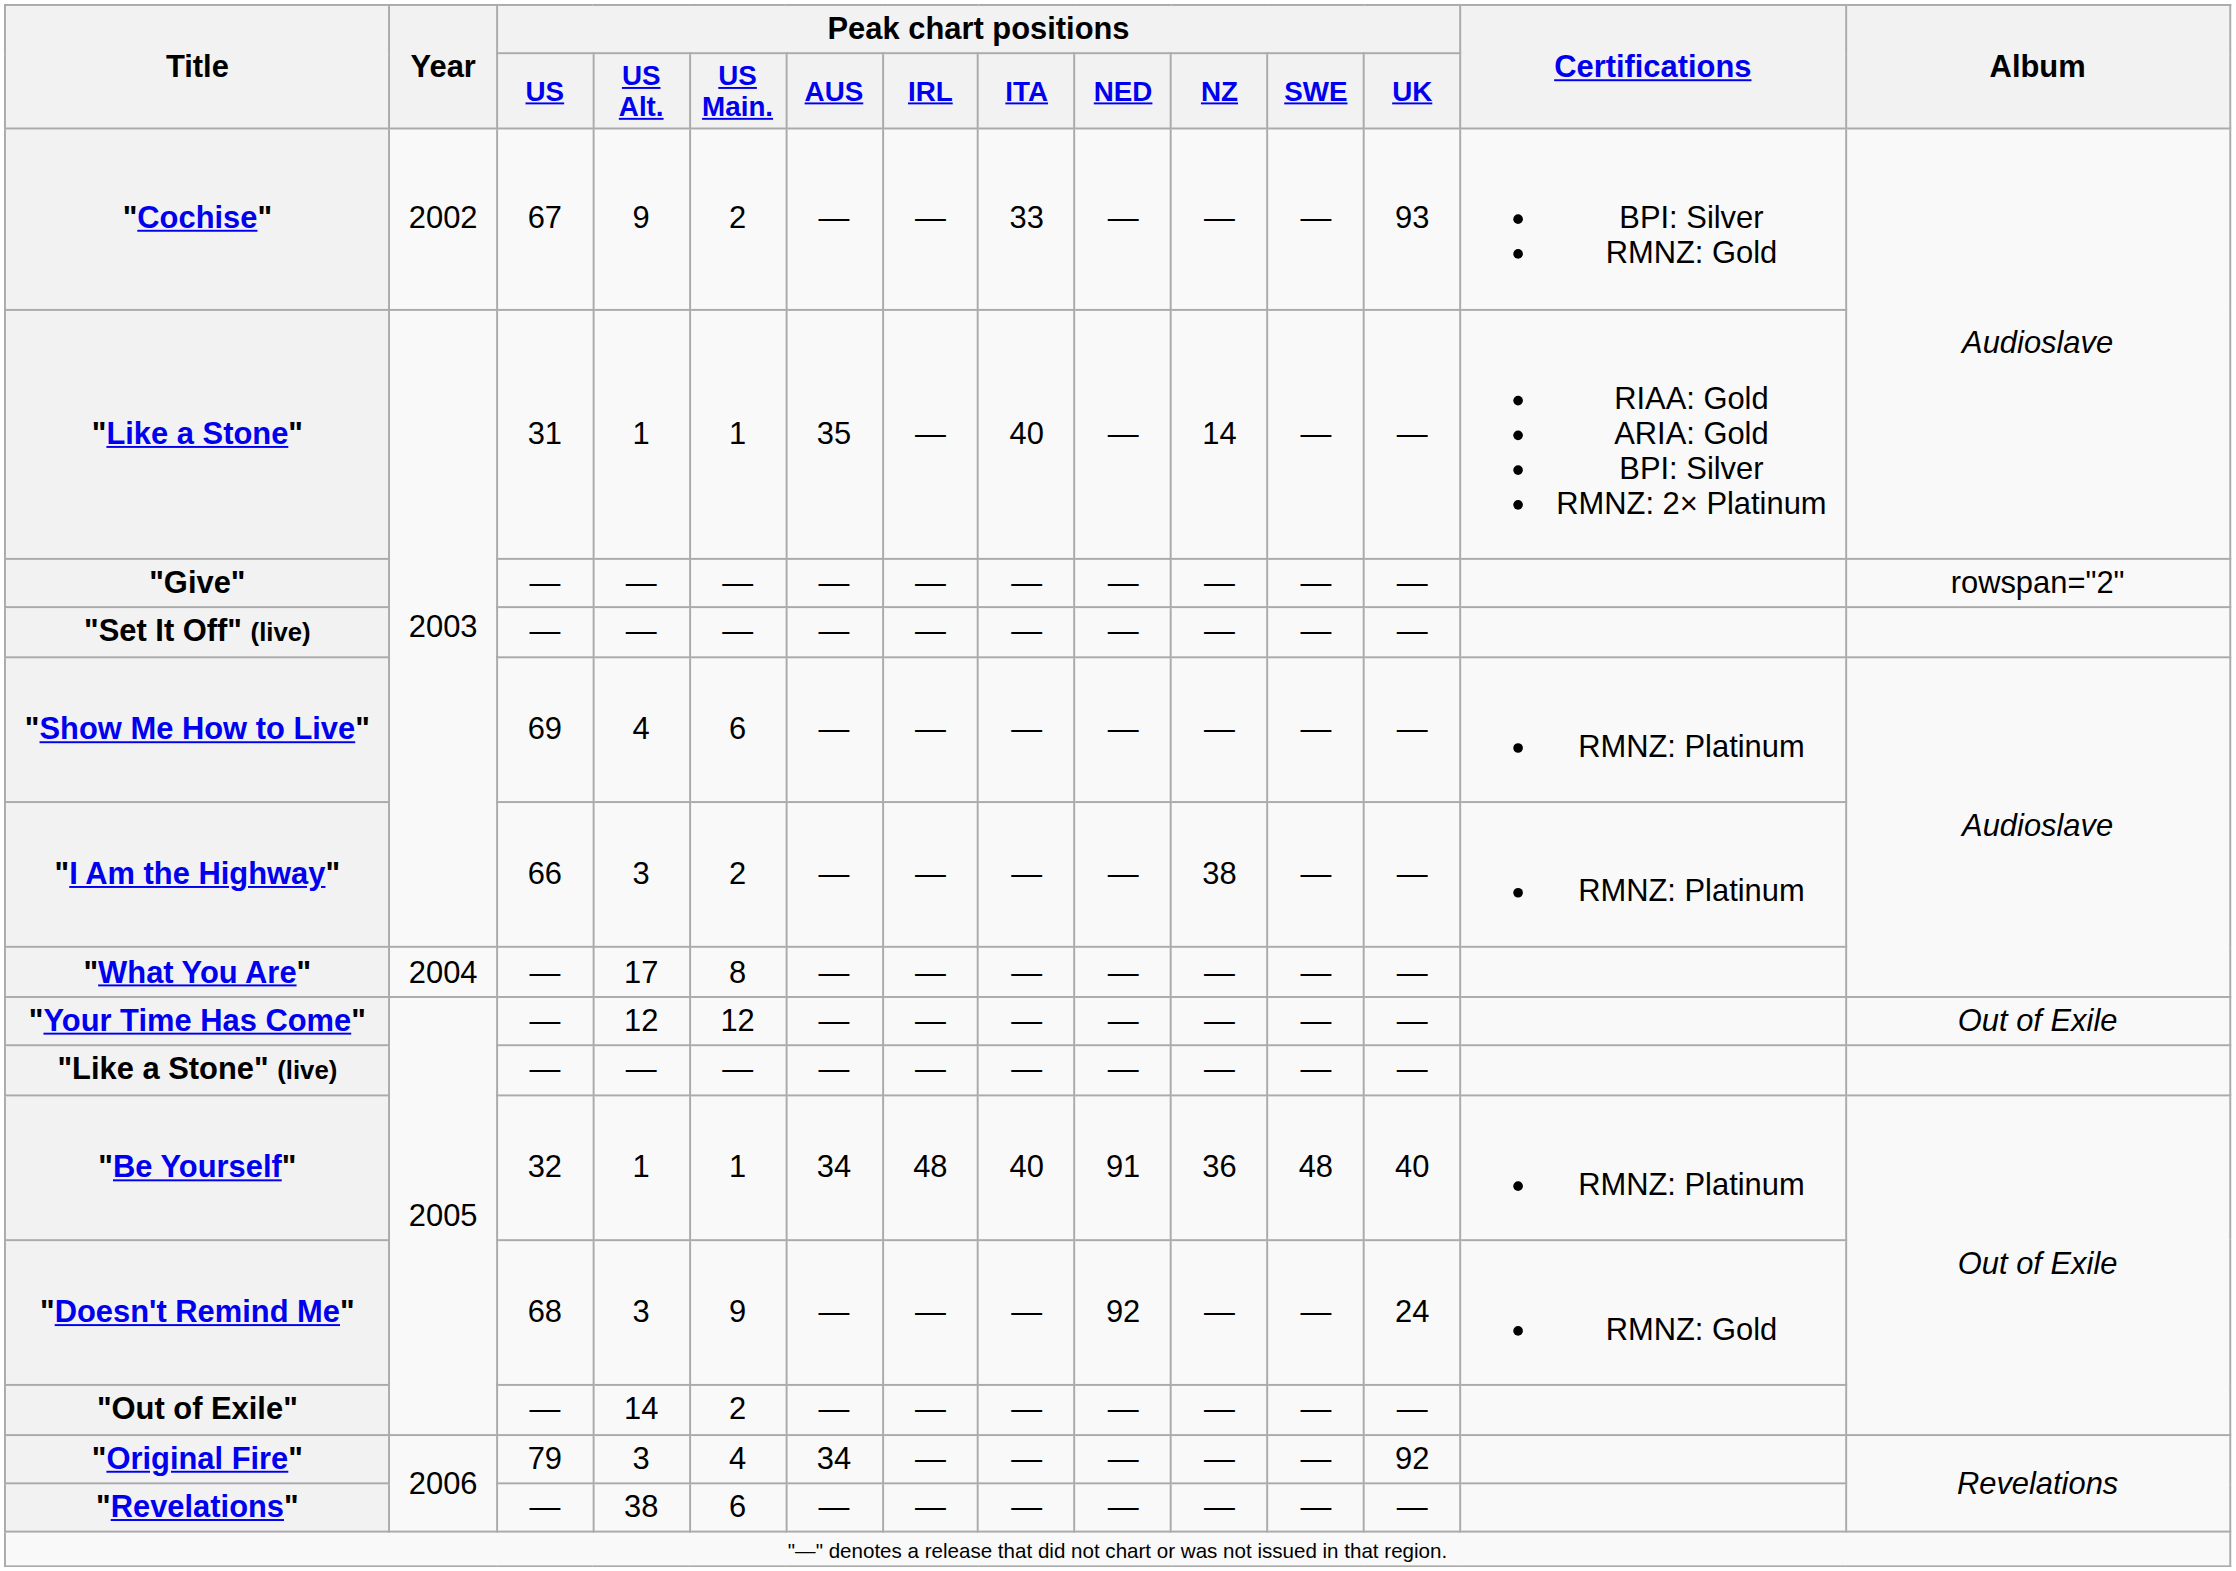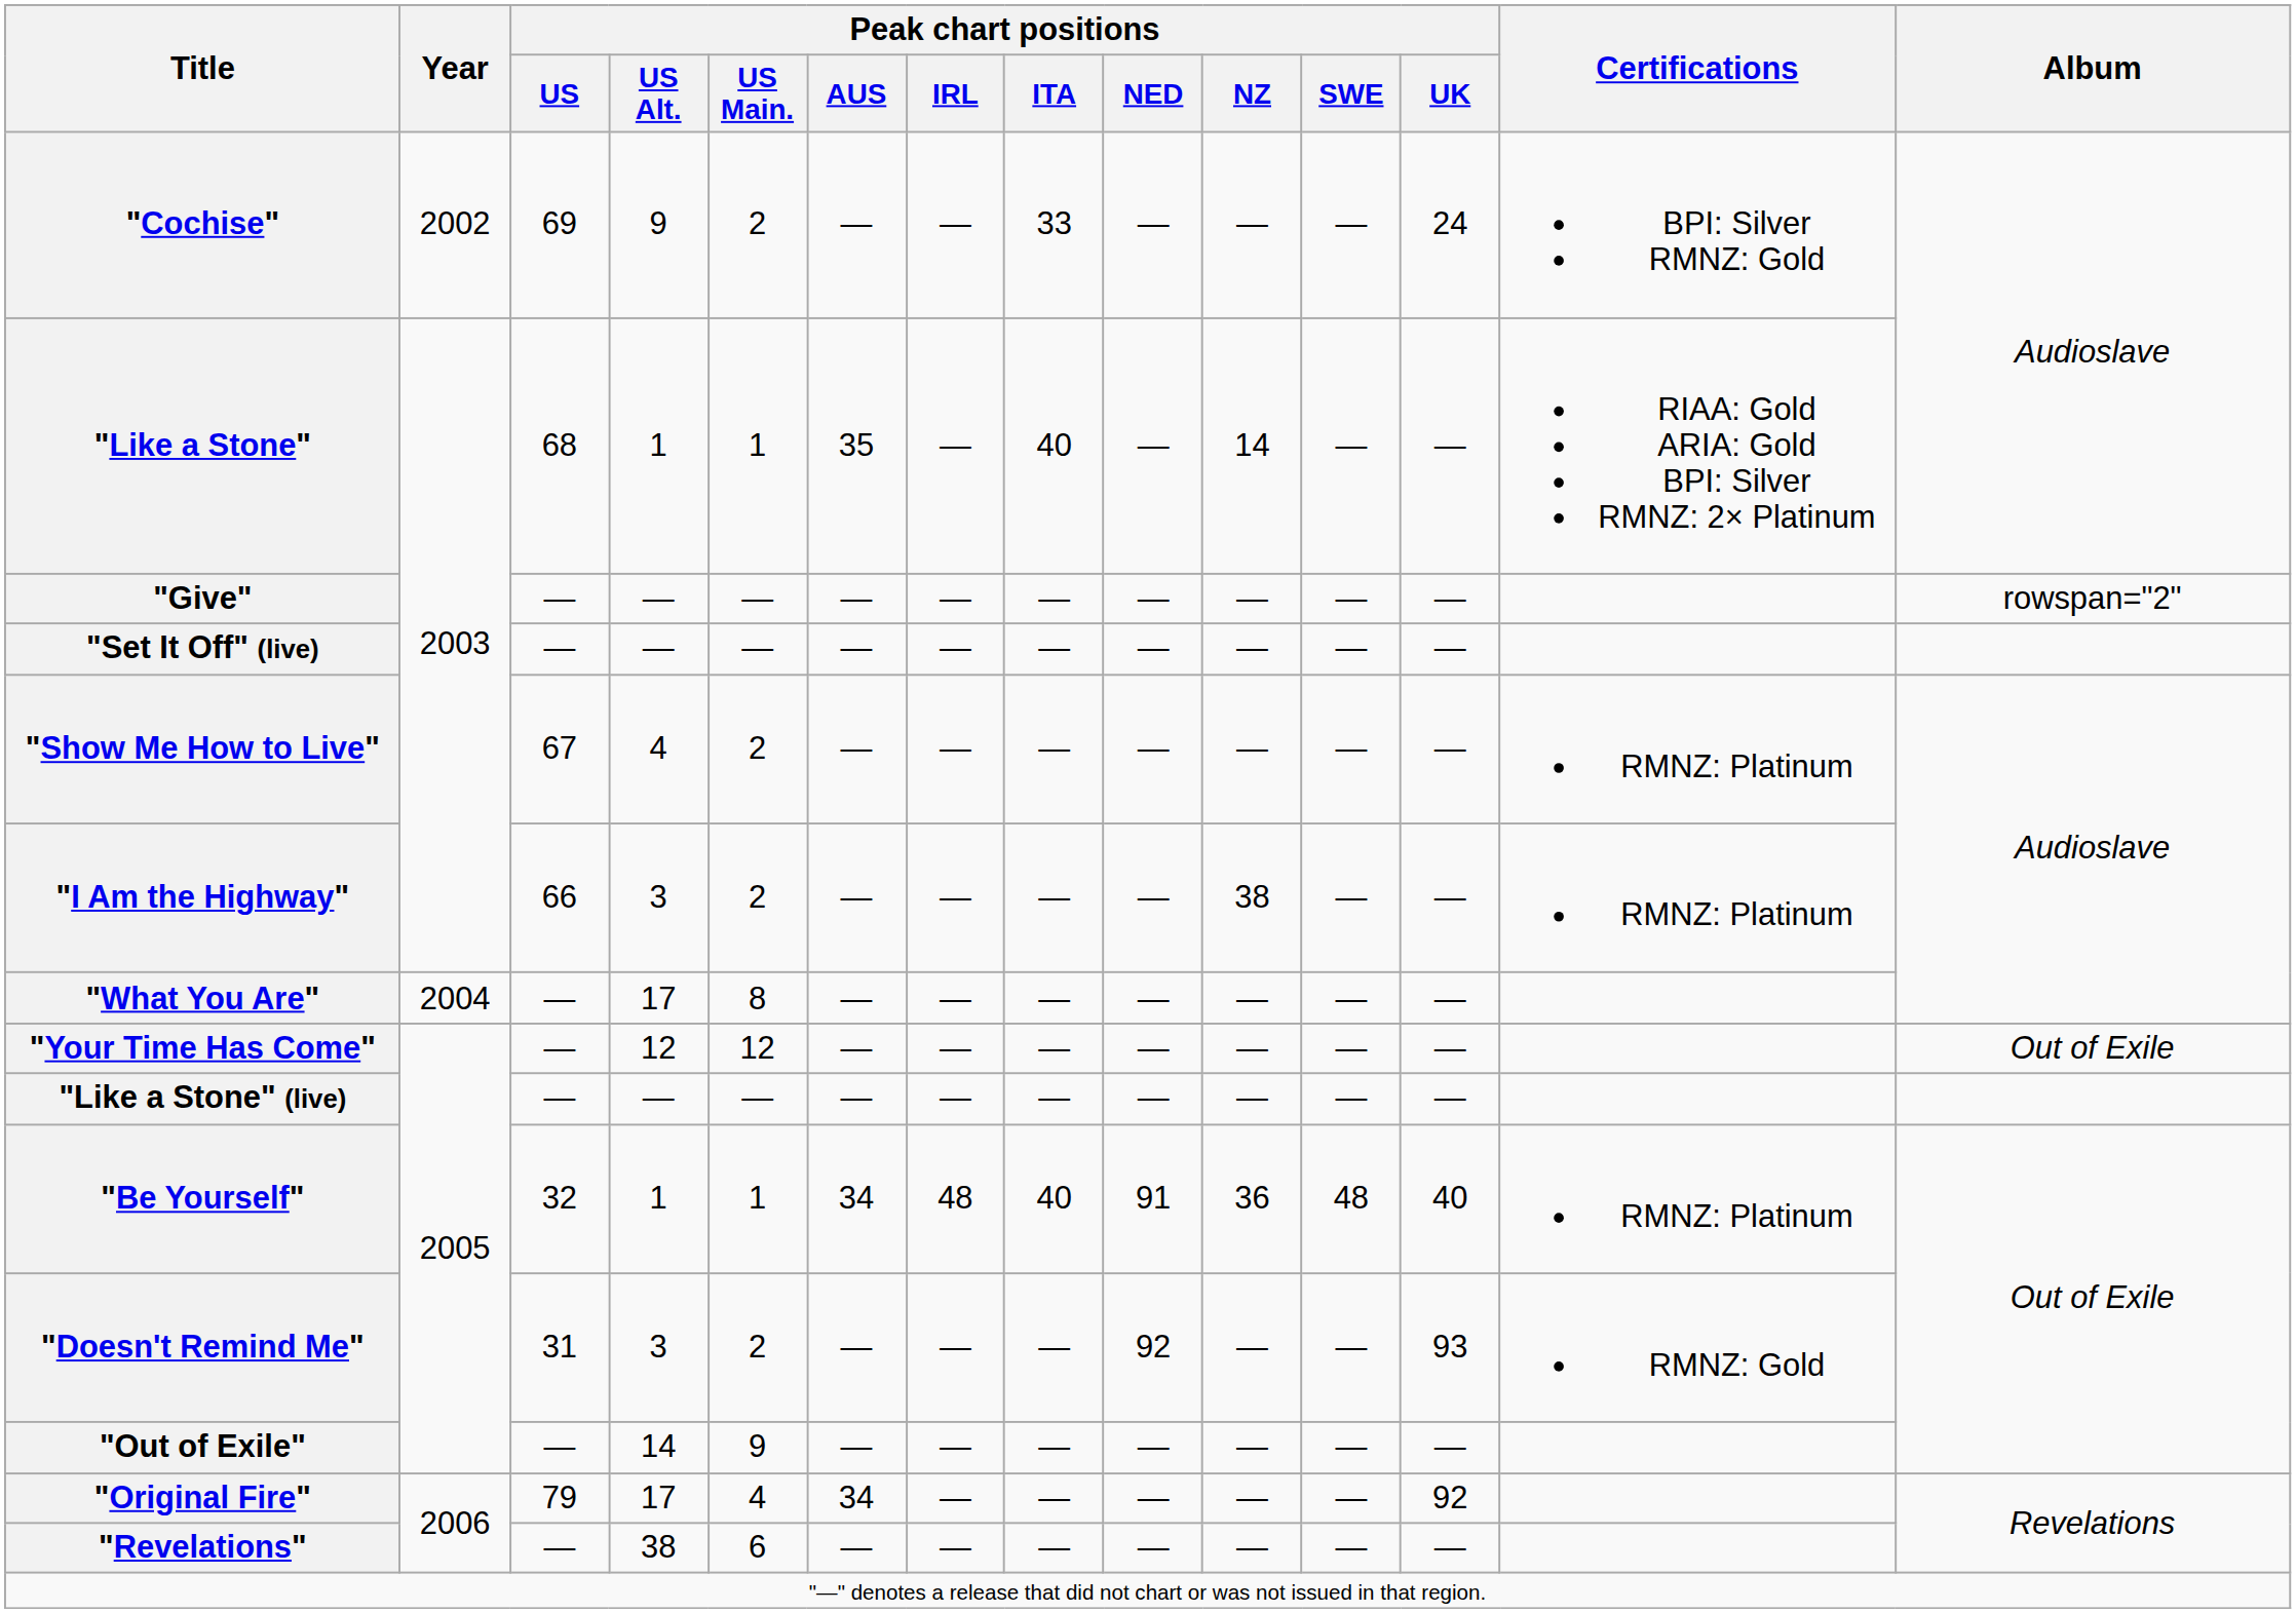 <table class="wikitable plainrowheaders" style="text-align:center;">
 <tr>
 <th scope="col" rowspan="2" style="width:12em;">Title</th>
 <th scope="col" rowspan="2" style="width:3em;">Year</th>
 <th scope="col" colspan="10">Peak chart positions</th>
 <th scope="col" rowspan="2" style="width:12em;"><a href='#'>Certifications</a></th>
 <th scope="col" rowspan="2" style="width:12em;">Album</th>
 </tr>
 <tr>
 <th scope="col" style="width:3em;font-size:90%;"><a href='#'>US</a><br></th>
 <th scope="col" style="width:3em;font-size:90%;"><a href='#'>US<br>Alt.</a><br></th>
 <th scope="col" style="width:3em;font-size:90%;"><a href='#'>US<br>Main.</a><br></th>
 <th scope="col" style="width:3em;font-size:90%;"><a href='#'>AUS</a><br></th>
 <th scope="col" style="width:3em;font-size:90%;"><a href='#'>IRL</a><br></th>
 <th scope="col" style="width:3em;font-size:90%;"><a href='#'>ITA</a><br></th>
 <th scope="col" style="width:3em;font-size:90%;"><a href='#'>NED</a><br></th>
 <th scope="col" style="width:3em;font-size:90%;"><a href='#'>NZ</a><br></th>
 <th scope="col" style="width:3em;font-size:90%;"><a href='#'>SWE</a><br></th>
 <th scope="col" style="width:3em;font-size:90%;"><a href='#'>UK</a><br></th>
 </tr>
 <tr>
 <th scope="row">"<a href='#'>Cochise</a>"</th>
 <td>2002</td>
-<td>67</td>
+<td>69</td>
 <td>9</td>
 <td>2</td>
 <td>—</td>
 <td>—</td>
 <td>33</td>
 <td>—</td>
 <td>—</td>
 <td>—</td>
-<td>93</td>
+<td>24</td>
 <td><br><ul><li>BPI: Silver</li><li>RMNZ: Gold</li></ul></td>
 <td rowspan="2"><em>Audioslave</em></td>
 </tr>
 <tr>
 <th scope="row">"<a href='#'>Like a Stone</a>"</th>
 <td rowspan="5">2003</td>
-<td>31</td>
+<td>68</td>
 <td>1</td>
 <td>1</td>
 <td>35</td>
 <td>—</td>
 <td>40</td>
 <td>—</td>
 <td>14</td>
 <td>—</td>
 <td>—</td>
 <td><br><ul><li>RIAA: Gold</li><li>ARIA: Gold</li><li>BPI: Silver</li><li>RMNZ: 2× Platinum</li></ul></td>
 </tr>
 <tr>
 <th scope="row">"Give"</th>
 <td>—</td>
 <td>—</td>
 <td>—</td>
 <td>—</td>
 <td>—</td>
 <td>—</td>
 <td>—</td>
 <td>—</td>
 <td>—</td>
 <td>—</td>
 <td></td>
 <td>rowspan="2" </td>
 </tr>
 <tr>
 <th scope="row">"Set It Off" <small>(live)</small></th>
 <td>—</td>
 <td>—</td>
 <td>—</td>
 <td>—</td>
 <td>—</td>
 <td>—</td>
 <td>—</td>
 <td>—</td>
 <td>—</td>
 <td>—</td>
 <td></td>
 </tr>
 <tr>
 <th scope="row">"<a href='#'>Show Me How to Live</a>"</th>
-<td>69</td>
+<td>67</td>
 <td>4</td>
-<td>6</td>
+<td>2</td>
 <td>—</td>
 <td>—</td>
 <td>—</td>
 <td>—</td>
 <td>—</td>
 <td>—</td>
 <td>—</td>
 <td><br><ul><li>RMNZ: Platinum</li></ul></td>
 <td rowspan="3"><em>Audioslave</em></td>
 </tr>
 <tr>
 <th scope="row">"<a href='#'>I Am the Highway</a>"</th>
 <td>66</td>
 <td>3</td>
 <td>2</td>
 <td>—</td>
 <td>—</td>
 <td>—</td>
 <td>—</td>
 <td>38</td>
 <td>—</td>
 <td>—</td>
 <td><br><ul><li>RMNZ: Platinum</li></ul></td>
 </tr>
 <tr>
 <th scope="row">"<a href='#'>What You Are</a>"</th>
 <td>2004</td>
 <td>—</td>
 <td>17</td>
 <td>8</td>
 <td>—</td>
 <td>—</td>
 <td>—</td>
 <td>—</td>
 <td>—</td>
 <td>—</td>
 <td>—</td>
 <td></td>
 </tr>
 <tr>
 <th scope="row">"<a href='#'>Your Time Has Come</a>"</th>
 <td rowspan="5">2005</td>
 <td>—</td>
 <td>12</td>
 <td>12</td>
 <td>—</td>
 <td>—</td>
 <td>—</td>
 <td>—</td>
 <td>—</td>
 <td>—</td>
 <td>—</td>
 <td></td>
 <td><em>Out of Exile</em></td>
 </tr>
 <tr>
 <th scope="row">"Like a Stone" <small>(live)</small></th>
 <td>—</td>
 <td>—</td>
 <td>—</td>
 <td>—</td>
 <td>—</td>
 <td>—</td>
 <td>—</td>
 <td>—</td>
 <td>—</td>
 <td>—</td>
 <td></td>
 <td></td>
 </tr>
 <tr>
 <th scope="row">"<a href='#'>Be Yourself</a>"</th>
 <td>32</td>
 <td>1</td>
 <td>1</td>
 <td>34</td>
 <td>48</td>
 <td>40</td>
 <td>91</td>
 <td>36</td>
 <td>48</td>
 <td>40</td>
 <td><br><ul><li>RMNZ: Platinum</li></ul></td>
 <td rowspan="3"><em>Out of Exile</em></td>
 </tr>
 <tr>
 <th scope="row">"<a href='#'>Doesn't Remind Me</a>"</th>
-<td>68</td>
+<td>31</td>
 <td>3</td>
-<td>9</td>
+<td>2</td>
 <td>—</td>
 <td>—</td>
 <td>—</td>
 <td>92</td>
 <td>—</td>
 <td>—</td>
-<td>24</td>
+<td>93</td>
 <td><br><ul><li>RMNZ: Gold</li></ul></td>
 </tr>
 <tr>
 <th scope="row">"Out of Exile"</th>
 <td>—</td>
 <td>14</td>
-<td>2</td>
+<td>9</td>
 <td>—</td>
 <td>—</td>
 <td>—</td>
 <td>—</td>
 <td>—</td>
 <td>—</td>
 <td>—</td>
 <td></td>
 </tr>
 <tr>
 <th scope="row">"<a href='#'>Original Fire</a>"</th>
 <td rowspan="2">2006</td>
 <td>79</td>
-<td>3</td>
+<td>17</td>
 <td>4</td>
 <td>34</td>
 <td>—</td>
 <td>—</td>
 <td>—</td>
 <td>—</td>
 <td>—</td>
 <td>92</td>
 <td></td>
 <td rowspan="2"><em>Revelations</em></td>
 </tr>
 <tr>
 <th scope="row">"<a href='#'>Revelations</a>"</th>
 <td>—</td>
 <td>38</td>
 <td>6</td>
 <td>—</td>
 <td>—</td>
 <td>—</td>
 <td>—</td>
 <td>—</td>
 <td>—</td>
 <td>—</td>
 <td></td>
 </tr>
 <tr>
 <td colspan="14" align="center" style="font-size: 8pt">"—" denotes a release that did not chart or was not issued in that region.</td>
 </tr>
 </table>
